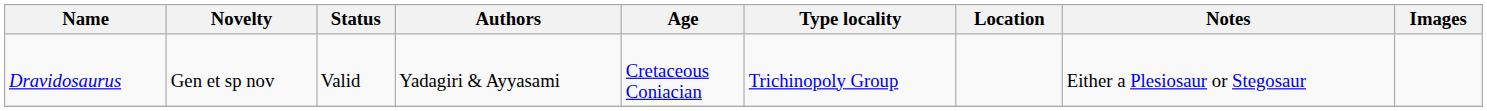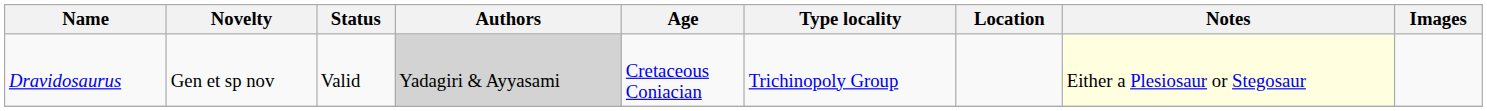 <table class="wikitable sortable" align="center" width="100%">
 <tr>
 <th>Name</th>
 <th>Novelty</th>
 <th>Status</th>
 <th>Authors</th>
 <th>Age</th>
 <th>Type locality</th>
 <th>Location</th>
 <th>Notes</th>
 <th>Images</th>
 </tr>
 <tr>
 <td><br><em><a href='#'>Dravidosaurus</a></em></td>
 <td><br>Gen et sp nov</td>
 <td><br>Valid</td>
-<td><br>Yadagiri & Ayyasami</td>
+<td style="background: lightgrey;"><br>Yadagiri & Ayyasami</td>
 <td><br><a href='#'>Cretaceous</a><br><a href='#'>Coniacian</a></td>
 <td><br><a href='#'>Trichinopoly Group</a></td>
 <td><br></td>
-<td><br>Either a <a href='#'>Plesiosaur</a> or <a href='#'>Stegosaur</a></td>
+<td style="background: lightyellow;"><br>Either a <a href='#'>Plesiosaur</a> or <a href='#'>Stegosaur</a></td>
 <td></td>
 </tr>
 <tr>
 </tr>
 </table>
